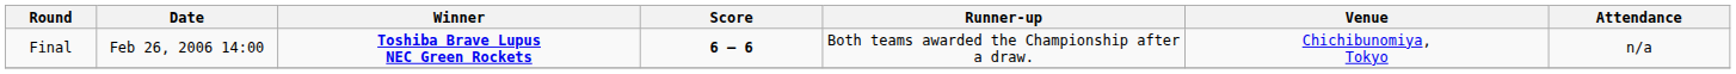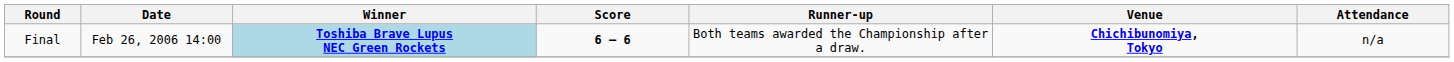 <table class="wikitable" style="text-align: center;">
 <tr>
 <th width=5%>Round</th>
 <th width=10%>Date</th>
 <th width=20%>Winner</th>
 <th width=10%>Score</th>
 <th width=20%>Runner-up</th>
 <th width=20%>Venue</th>
 <th width=10%>Attendance</th>
 </tr>
 <tr>
 <td>Final</td>
 <td>Feb 26, 2006 14:00<br></td>
-<td><strong><a href='#'>Toshiba Brave Lupus</a></strong><br><strong><a href='#'>NEC Green Rockets</a></strong></td>
+<td style="background: lightblue;"><strong><a href='#'>Toshiba Brave Lupus</a></strong><br><strong><a href='#'>NEC Green Rockets</a></strong></td>
 <td><strong>6 – 6</strong><br></td>
 <td>Both teams awarded the Championship after a draw.</td>
-<td><a href='#'>Chichibunomiya</a>,<br><a href='#'>Tokyo</a></td>
+<td><strong><a href='#'>Chichibunomiya</a>,<br><a href='#'>Tokyo</a></strong></td>
 <td>n/a</td>
 </tr>
 <tr>
 </tr>
 </table>
